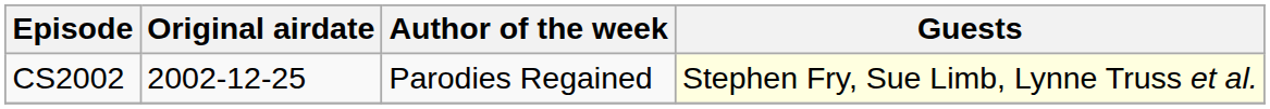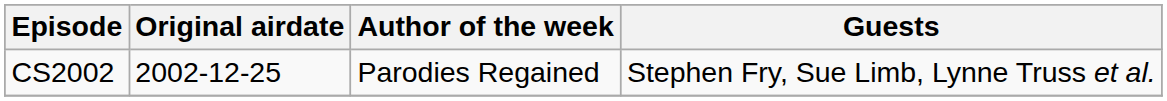 <table class="wikitable">
 <tr>
 <th>Episode</th>
 <th>Original airdate</th>
 <th>Author of the week</th>
 <th>Guests</th>
 </tr>
 <tr>
 <td>CS2002</td>
 <td>2002-12-25</td>
 <td>Parodies Regained</td>
-<td style="background: lightyellow;">Stephen Fry, Sue Limb, Lynne Truss <em>et al.</em></td>
+<td>Stephen Fry, Sue Limb, Lynne Truss <em>et al.</em></td>
 </tr>
 <tr>
 </tr>
 </table>
